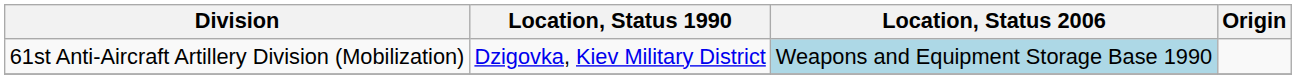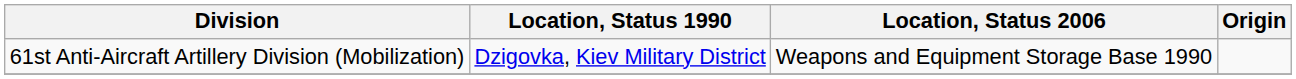 <table class="wikitable">
 <tr>
 <th>Division</th>
 <th>Location, Status 1990</th>
 <th>Location, Status 2006</th>
 <th>Origin</th>
 </tr>
 <tr>
 <td>61st Anti-Aircraft Artillery Division (Mobilization)</td>
 <td><a href='#'>Dzigovka</a>, <a href='#'>Kiev Military District</a></td>
-<td style="background: lightblue;">Weapons and Equipment Storage Base 1990</td>
+<td>Weapons and Equipment Storage Base 1990</td>
 <td></td>
 </tr>
 <tr>
 </tr>
 </table>
